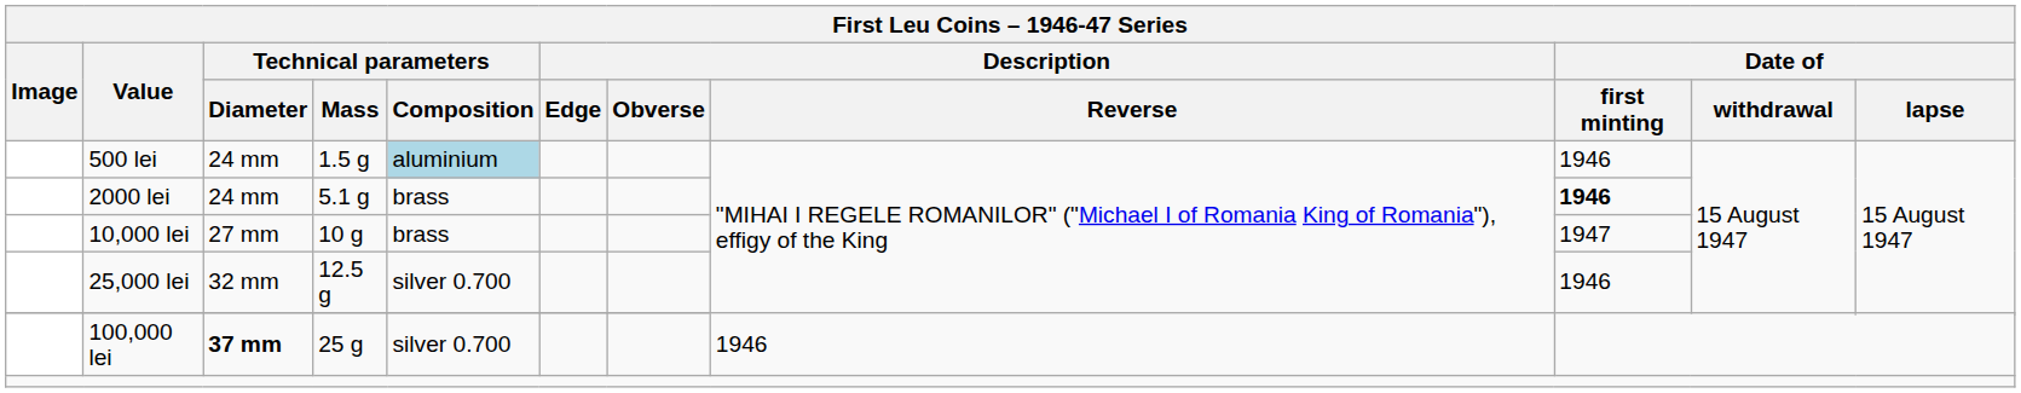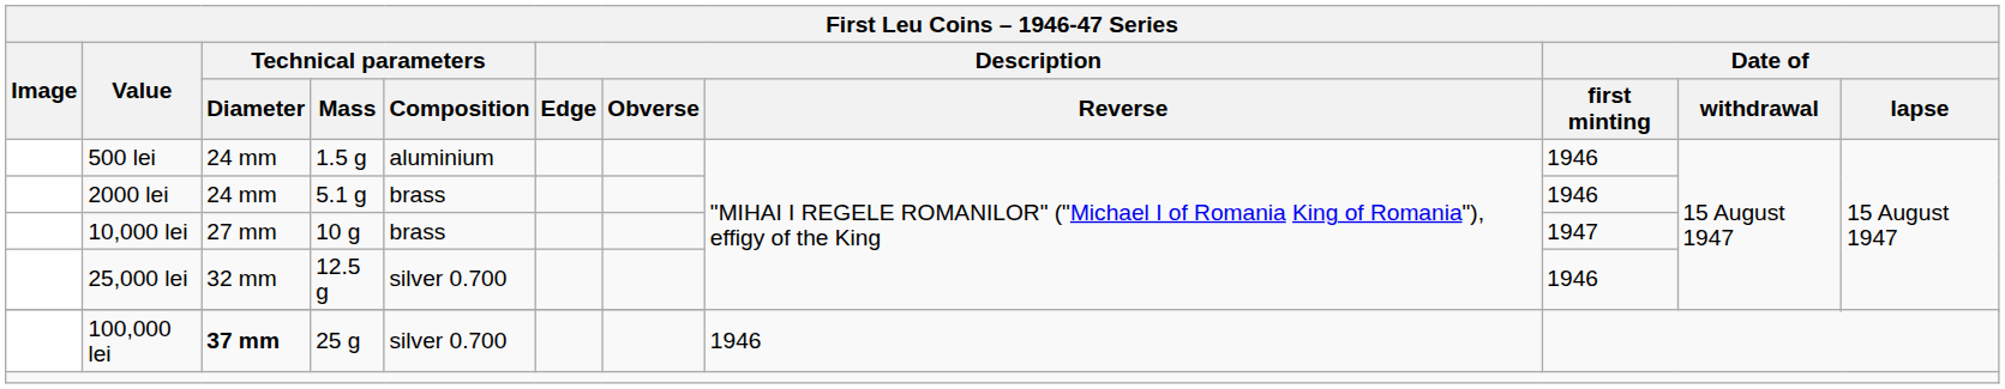 <table class="wikitable" style="font-size: 90%">
 <tr>
 <th colspan="11">First Leu Coins –  1946-47 Series</th>
 </tr>
 <tr>
 <th rowspan="2">Image</th>
 <th rowspan="2">Value</th>
 <th colspan="3">Technical parameters</th>
 <th colspan="3">Description</th>
 <th colspan="3">Date of</th>
 </tr>
 <tr>
 <th>Diameter</th>
 <th>Mass</th>
 <th>Composition</th>
 <th>Edge</th>
 <th>Obverse</th>
 <th>Reverse</th>
 <th>first minting</th>
 <th>withdrawal</th>
 <th>lapse</th>
 </tr>
 <tr>
 <td align="center" bgcolor="white"></td>
 <td>500 lei</td>
 <td>24 mm</td>
 <td>1.5 g</td>
-<td style="background: lightblue;">aluminium</td>
+<td>aluminium</td>
 <td></td>
 <td></td>
 <td rowspan="5">"MIHAI I REGELE ROMANILOR" ("<a href='#'>Michael I of Romania</a> <a href='#'>King of Romania</a>"), effigy of the King</td>
 <td>1946</td>
 <td rowspan="5">15 August 1947</td>
 <td rowspan="5">15 August 1947</td>
 </tr>
 <tr>
 <td align="center" bgcolor="white"></td>
 <td>2000 lei</td>
 <td>24 mm</td>
 <td>5.1 g</td>
 <td>brass</td>
 <td></td>
 <td></td>
-<td><strong>1946</strong></td>
+<td>1946</td>
 </tr>
 <tr>
 <td align="center" bgcolor="white"></td>
 <td>10,000 lei</td>
 <td>27 mm</td>
 <td>10 g</td>
 <td>brass</td>
 <td></td>
 <td></td>
 <td>1947</td>
 </tr>
 <tr>
 <td align="center" bgcolor="white"></td>
 <td>25,000 lei</td>
 <td>32 mm</td>
 <td>12.5 g</td>
 <td>silver 0.700</td>
 <td></td>
 <td></td>
 <td>1946</td>
 </tr>
 <tr>
 </tr>
 <tr>
 <td align="center" bgcolor="white"></td>
 <td>100,000 lei</td>
 <td><strong>37 mm</strong></td>
 <td>25 g</td>
 <td>silver 0.700</td>
 <td></td>
 <td></td>
 <td>1946</td>
 </tr>
 <tr>
 <td colspan="11"></td>
 </tr>
 </table>
